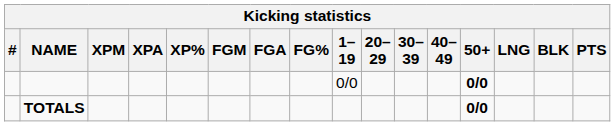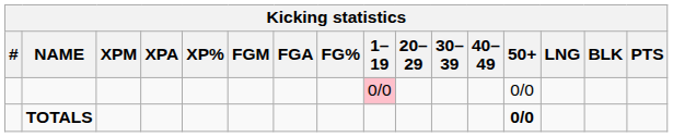 <table style="width:60%; text-align:center;" class="wikitable collapsible collapsed">
 <tr>
 <th colspan="16">Kicking statistics</th>
 </tr>
 <tr>
 <th>#</th>
 <th>NAME</th>
 <th>XPM</th>
 <th>XPA</th>
 <th>XP%</th>
 <th>FGM</th>
 <th>FGA</th>
 <th>FG%</th>
 <th>1–19</th>
 <th>20–29</th>
 <th>30–39</th>
 <th>40–49</th>
 <th>50+</th>
 <th>LNG</th>
 <th>BLK</th>
 <th>PTS</th>
 </tr>
 <tr>
 <td></td>
 <td></td>
 <td></td>
 <td></td>
 <td></td>
 <td></td>
 <td></td>
 <td></td>
-<td>0/0</td>
+<td style="background: pink;">0/0</td>
 <td></td>
 <td></td>
 <td></td>
-<td><strong>0/0</strong></td>
+<td>0/0</td>
 <td></td>
 <td></td>
 <td></td>
 </tr>
 <tr>
 <td></td>
 <td><strong>TOTALS</strong></td>
 <td><strong> </strong></td>
 <td><strong> </strong></td>
 <td><strong> </strong></td>
 <td><strong> </strong></td>
 <td><strong> </strong></td>
 <td><strong> </strong></td>
 <td><strong> </strong></td>
 <td><strong> </strong></td>
 <td><strong> </strong></td>
 <td><strong> </strong></td>
 <td><strong>0/0</strong></td>
 <td><strong> </strong></td>
 <td><strong> </strong></td>
 <td><strong> </strong></td>
 </tr>
 </table>
